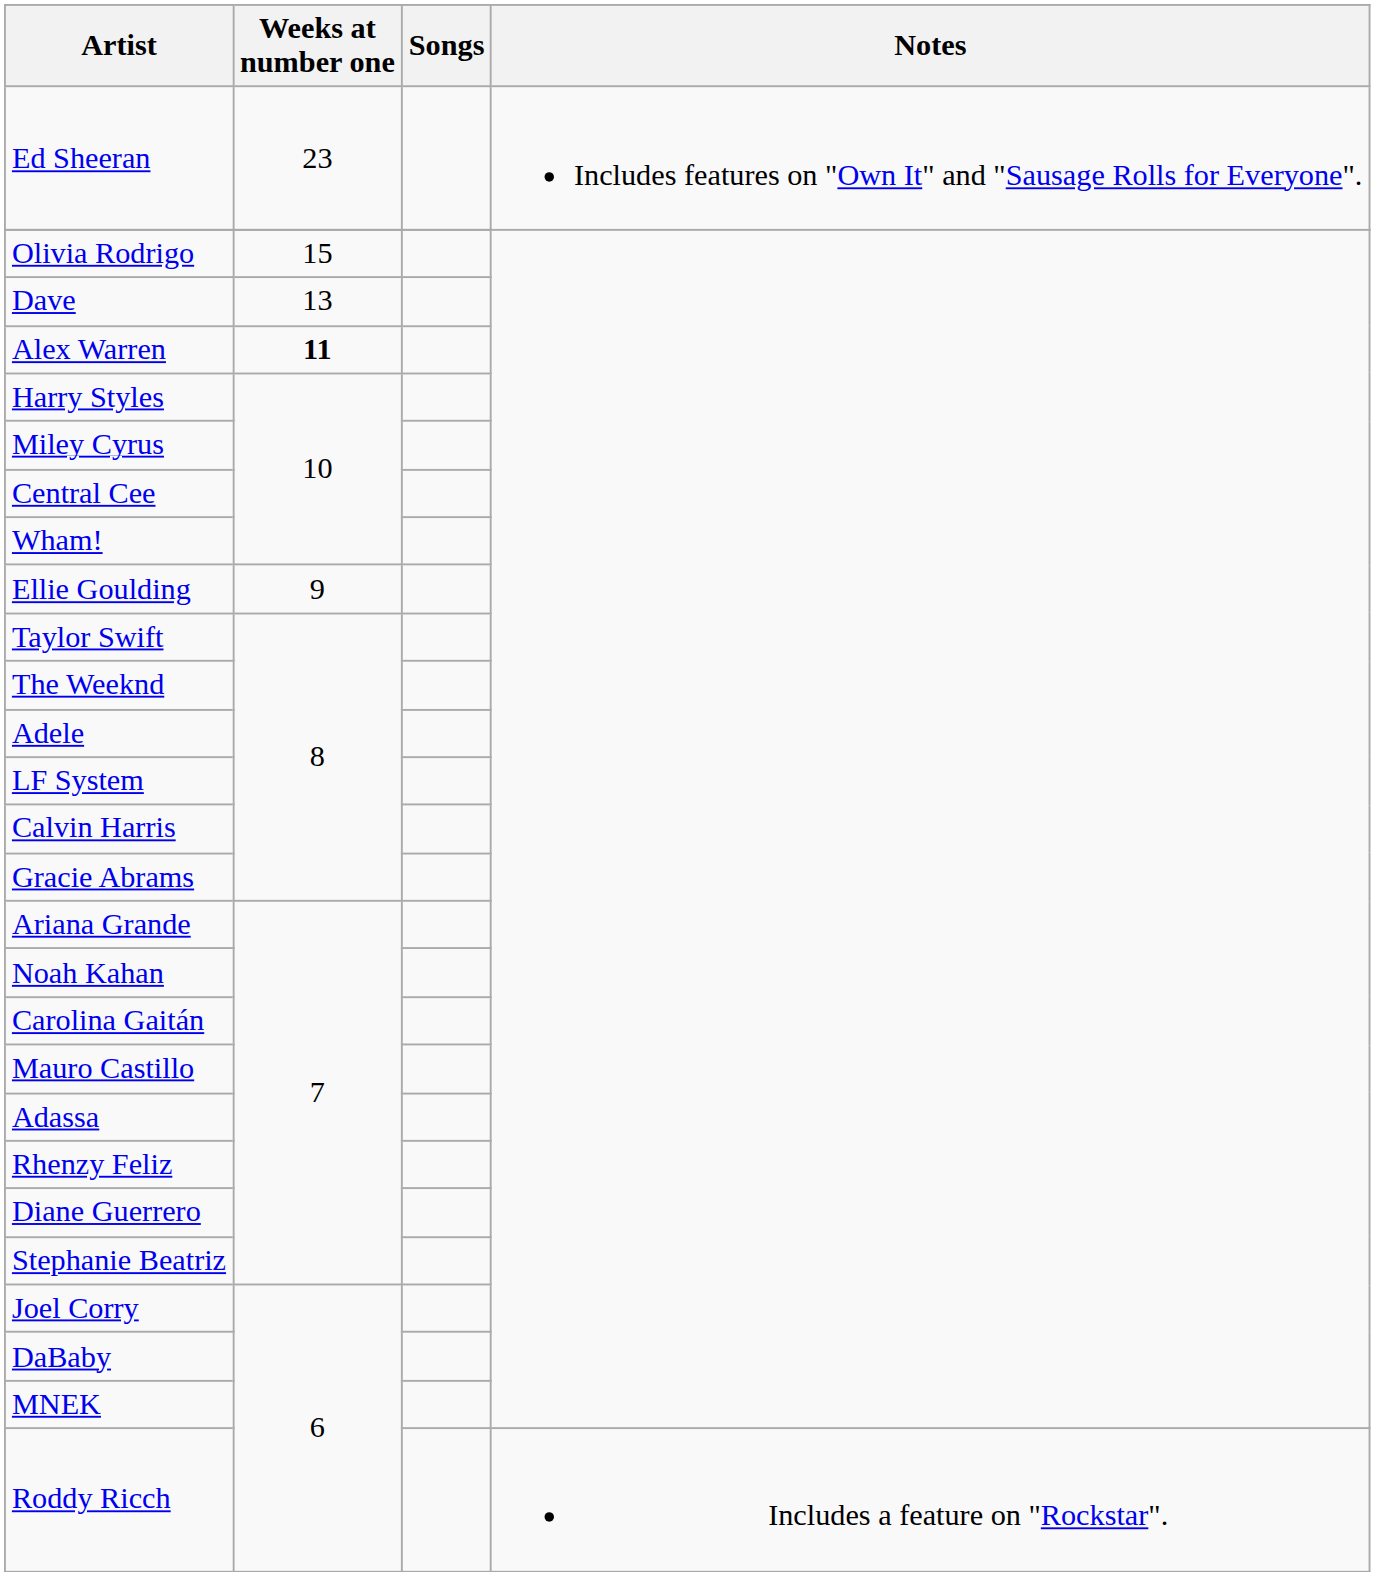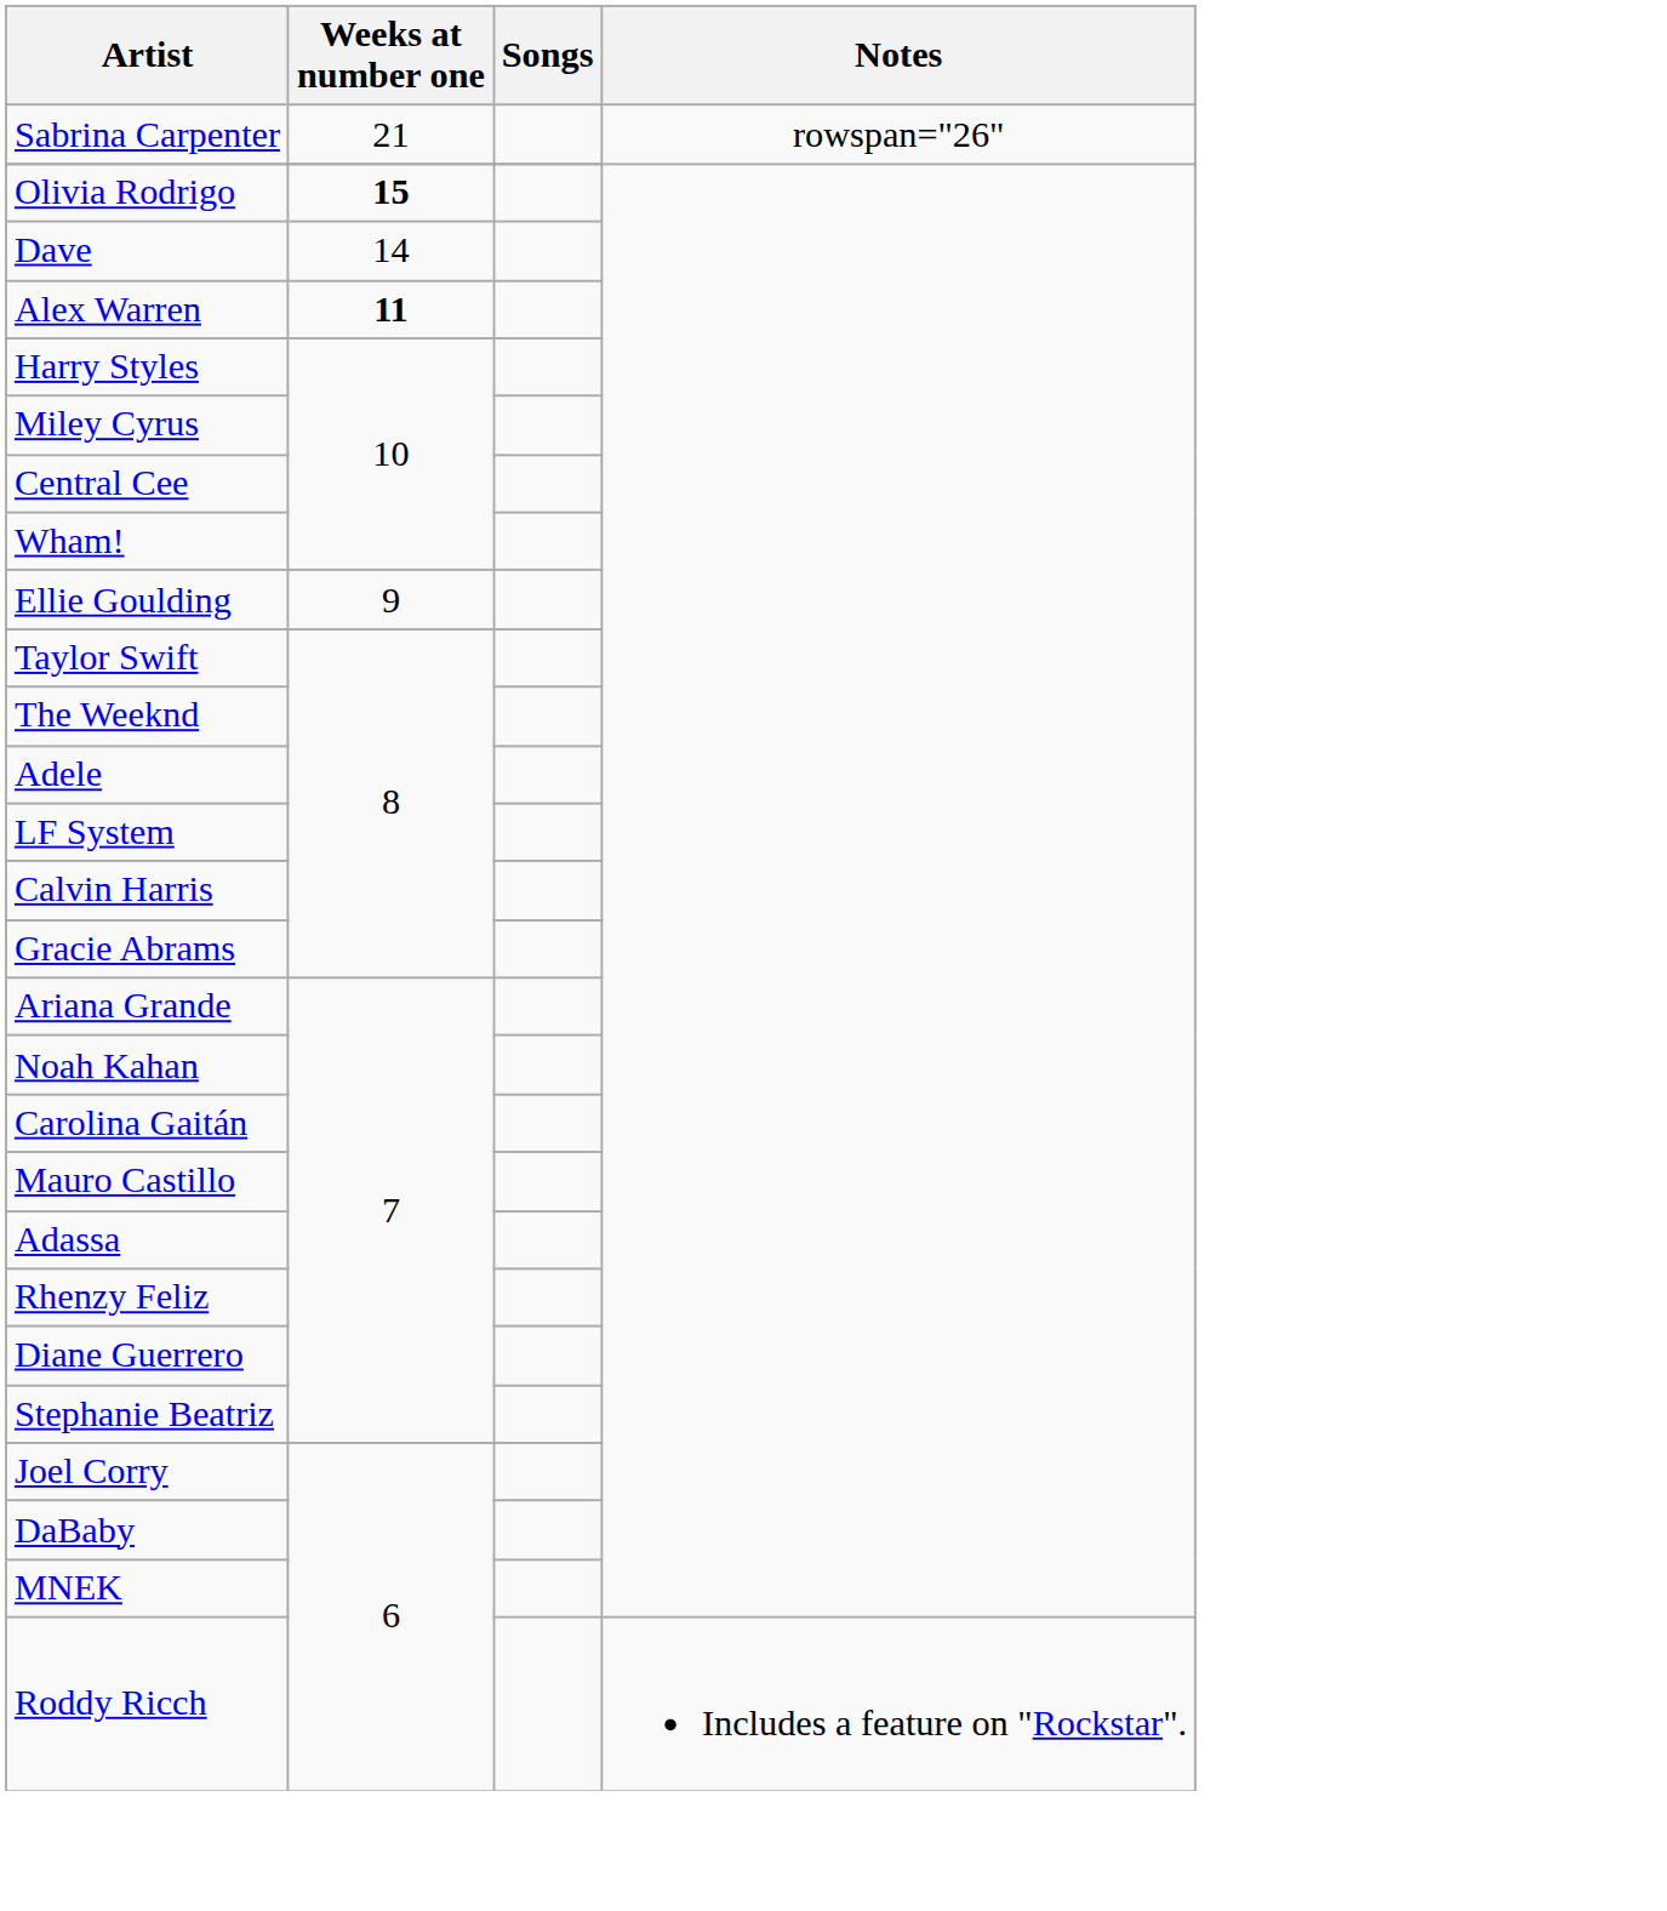 <table class="wikitable sortable" style="text-align:center;">
 <tr>
 <th scope="col">Artist</th>
 <th scope="col">Weeks at<br>number one</th>
 <th scope="col">Songs</th>
 <th scope="col">Notes</th>
 </tr>
 <tr>
-<td align="left"><a href='#'>Ed Sheeran</a></td>
-<td>23</td>
+<td align="left"><a href='#'>Sabrina Carpenter</a></td>
+<td>21</td>
 <td></td>
-<td><br><ul><li>Includes features on "<a href='#'>Own It</a>" and "<a href='#'>Sausage Rolls for Everyone</a>".</li></ul></td>
+<td>rowspan="26" </td>
 </tr>
 <tr>
 </tr>
 <tr>
 <td align="left"><a href='#'>Olivia Rodrigo</a></td>
-<td>15</td>
+<td><strong>15</strong></td>
 <td></td>
 </tr>
 <tr>
 <td align="left"><a href='#'>Dave</a></td>
-<td>13</td>
+<td>14</td>
 <td></td>
 </tr>
 <tr>
 <td align="left"><a href='#'>Alex Warren</a></td>
 <td><strong>11</strong></td>
 <td></td>
 </tr>
 <tr>
 <td align="left"><a href='#'>Harry Styles</a></td>
 <td rowspan="4">10</td>
 <td></td>
 </tr>
 <tr>
 <td align="left"><a href='#'>Miley Cyrus</a></td>
 <td></td>
 </tr>
 <tr>
 <td align="left"><a href='#'>Central Cee</a></td>
 <td></td>
 </tr>
 <tr>
 <td align="left"><a href='#'>Wham!</a></td>
 <td></td>
 </tr>
 <tr>
 <td align="left"><a href='#'>Ellie Goulding</a></td>
 <td>9</td>
 <td></td>
 </tr>
 <tr>
 <td align="left"><a href='#'>Taylor Swift</a></td>
 <td rowspan="6">8</td>
 <td></td>
 </tr>
 <tr>
 <td align="left"><a href='#'>The Weeknd</a></td>
 <td></td>
 </tr>
 <tr>
 <td align="left"><a href='#'>Adele</a></td>
 <td></td>
 </tr>
 <tr>
 <td align="left"><a href='#'>LF System</a></td>
 <td></td>
 </tr>
 <tr>
 <td align="left"><a href='#'>Calvin Harris</a></td>
 <td></td>
 </tr>
 <tr>
 <td align="left"><a href='#'>Gracie Abrams</a></td>
 <td></td>
 </tr>
 <tr>
 <td align="left"><a href='#'>Ariana Grande</a></td>
 <td rowspan="8">7</td>
 <td></td>
 </tr>
 <tr>
 <td align="left"><a href='#'>Noah Kahan</a></td>
 <td></td>
 </tr>
 <tr>
 <td align="left"><a href='#'>Carolina Gaitán</a></td>
 <td></td>
 </tr>
 <tr>
 <td align="left"><a href='#'>Mauro Castillo</a></td>
 <td></td>
 </tr>
 <tr>
 <td align="left"><a href='#'>Adassa</a></td>
 <td></td>
 </tr>
 <tr>
 <td align="left"><a href='#'>Rhenzy Feliz</a></td>
 <td></td>
 </tr>
 <tr>
 <td align="left"><a href='#'>Diane Guerrero</a></td>
 <td></td>
 </tr>
 <tr>
 <td align="left"><a href='#'>Stephanie Beatriz</a></td>
 <td></td>
 </tr>
 <tr>
 <td align="left"><a href='#'>Joel Corry</a></td>
 <td rowspan="4">6</td>
 <td></td>
 </tr>
 <tr>
 <td align="left"><a href='#'>DaBaby</a></td>
 <td></td>
 </tr>
 <tr>
 <td align="left"><a href='#'>MNEK</a></td>
 <td></td>
 </tr>
 <tr>
 <td align="left"><a href='#'>Roddy Ricch</a></td>
 <td></td>
 <td><br><ul><li>Includes a feature on "<a href='#'>Rockstar</a>".</li></ul></td>
 </tr>
 </table>
